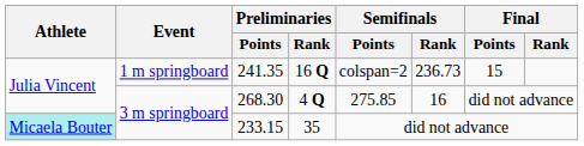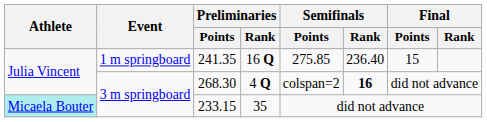 <table class=wikitable style="font-size:90%;">
 <tr>
 <th rowspan="2">Athlete</th>
 <th rowspan="2">Event</th>
 <th colspan="2">Preliminaries</th>
 <th colspan="2">Semifinals</th>
 <th colspan="2">Final</th>
 </tr>
 <tr style="font-size:95%">
 <th>Points</th>
 <th>Rank</th>
 <th>Points</th>
 <th>Rank</th>
 <th>Points</th>
 <th>Rank</th>
 </tr>
 <tr align=center>
 <td align=left rowspan=2><a href='#'>Julia Vincent</a></td>
 <td align=left><a href='#'>1 m springboard</a></td>
 <td>241.35</td>
 <td>16 <strong>Q</strong></td>
-<td>colspan=2 </td>
-<td>236.73</td>
+<td>275.85</td>
+<td>236.40</td>
 <td>15</td>
 </tr>
 <tr align=center>
 <td align=left rowspan=2><a href='#'>3 m springboard</a></td>
 <td>268.30</td>
 <td>4 <strong>Q</strong></td>
-<td>275.85</td>
-<td>16</td>
+<td>colspan=2 </td>
+<td><strong>16</strong></td>
 <td colspan=2>did not advance</td>
 </tr>
 <tr align=center>
 <td align=left style="background: paleturquoise;"><a href='#'>Micaela Bouter</a></td>
 <td>233.15</td>
 <td>35</td>
 <td colspan=4>did not advance</td>
 </tr>
 </table>
